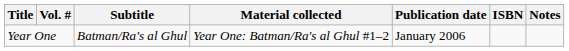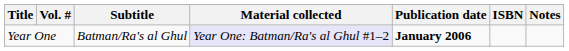 <table class="wikitable">
 <tr>
 <th>Title</th>
 <th>Vol. #</th>
 <th>Subtitle</th>
 <th>Material collected</th>
 <th>Publication date</th>
 <th>ISBN</th>
 <th>Notes</th>
 </tr>
 <tr>
 <td colspan="2"><em>Year One</em></td>
 <td><em>Batman/Ra's al Ghul</em></td>
-<td><em>Year One: Batman/Ra's al Ghul</em> #1–2</td>
-<td>January 2006</td>
+<td style="background: lavender;"><em>Year One: Batman/Ra's al Ghul</em> #1–2</td>
+<td><strong>January 2006</strong></td>
 <td></td>
 <td></td>
 </tr>
 </table>
